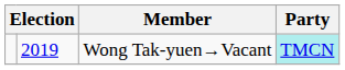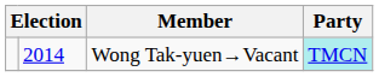 <table class="wikitable">
 <tr>
 <th colspan="2">Election</th>
 <th>Member</th>
 <th>Party</th>
 </tr>
 <tr>
 <td style="color:inherit;background:"></td>
-<td><a href='#'>2019</a></td>
+<td><a href='#'>2014</a></td>
 <td>Wong Tak-yuen→Vacant</td>
 <td style="background: paleturquoise;"><a href='#'>TMCN</a></td>
 </tr>
 <tr>
 </tr>
 </table>
